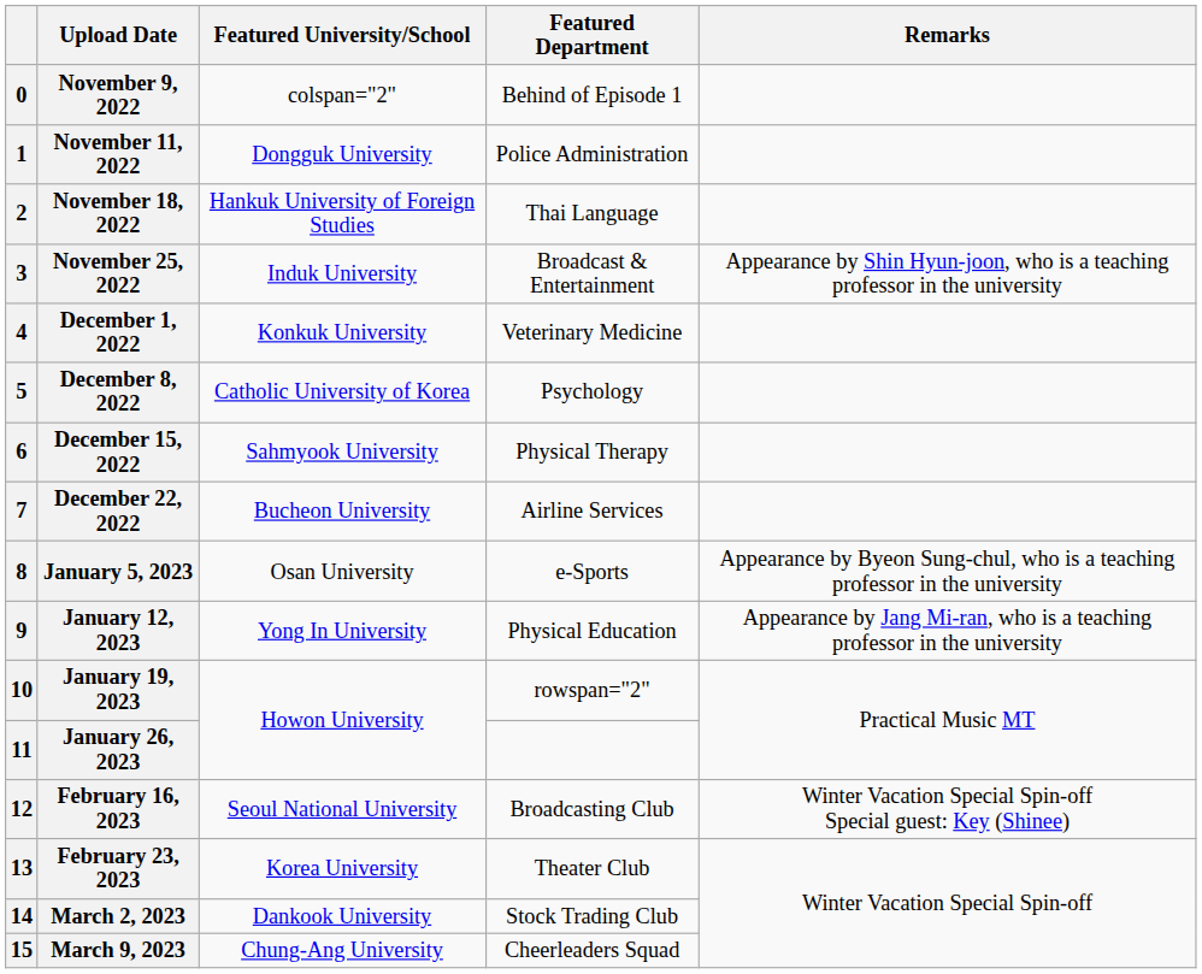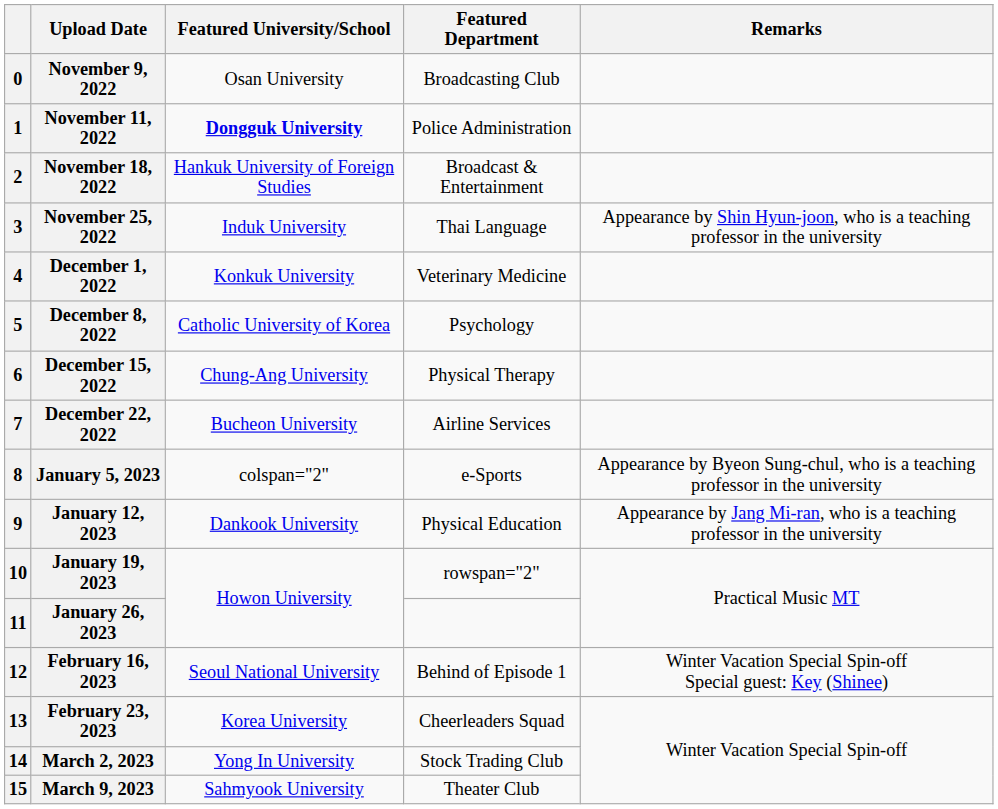 <table class="wikitable plainrowheaders" style="text-align:center">
 <tr>
 <th></th>
 <th>Upload Date</th>
 <th>Featured University/School</th>
 <th>Featured Department</th>
 <th>Remarks</th>
 </tr>
 <tr>
 <th>0</th>
 <th>November 9, 2022</th>
-<td>colspan="2" </td>
-<td>Behind of Episode 1</td>
+<td>Osan University</td>
+<td>Broadcasting Club</td>
 </tr>
 <tr>
 <th>1</th>
 <th>November 11, 2022</th>
-<td><a href='#'>Dongguk University</a></td>
+<td><strong><a href='#'>Dongguk University</a></strong></td>
 <td>Police Administration</td>
 <td></td>
 </tr>
 <tr>
 <th>2</th>
 <th>November 18, 2022</th>
 <td><a href='#'>Hankuk University of Foreign Studies</a></td>
-<td>Thai Language</td>
+<td>Broadcast & Entertainment</td>
 <td></td>
 </tr>
 <tr>
 <th>3</th>
 <th>November 25, 2022</th>
 <td><a href='#'>Induk University</a></td>
-<td>Broadcast & Entertainment</td>
+<td>Thai Language</td>
 <td>Appearance by <a href='#'>Shin Hyun-joon</a>, who is a teaching professor in the university</td>
 </tr>
 <tr>
 <th>4</th>
 <th>December 1, 2022</th>
 <td><a href='#'>Konkuk University</a></td>
 <td>Veterinary Medicine</td>
 <td></td>
 </tr>
 <tr>
 <th>5</th>
 <th>December 8, 2022</th>
 <td><a href='#'>Catholic University of Korea</a></td>
 <td>Psychology</td>
 <td></td>
 </tr>
 <tr>
 <th>6</th>
 <th>December 15, 2022</th>
-<td><a href='#'>Sahmyook University</a></td>
+<td><a href='#'>Chung-Ang University</a></td>
 <td>Physical Therapy</td>
 <td></td>
 </tr>
 <tr>
 <th>7</th>
 <th>December 22, 2022</th>
 <td><a href='#'>Bucheon University</a></td>
 <td>Airline Services</td>
 <td></td>
 </tr>
 <tr>
 <th>8</th>
 <th>January 5, 2023</th>
-<td>Osan University</td>
+<td>colspan="2" </td>
 <td>e-Sports</td>
 <td>Appearance by Byeon Sung-chul, who is a teaching professor in the university</td>
 </tr>
 <tr>
 <th>9</th>
 <th>January 12, 2023</th>
-<td><a href='#'>Yong In University</a></td>
+<td><a href='#'>Dankook University</a></td>
 <td>Physical Education</td>
 <td>Appearance by <a href='#'>Jang Mi-ran</a>, who is a teaching professor in the university</td>
 </tr>
 <tr>
 <th>10</th>
 <th>January 19, 2023</th>
 <td rowspan="2"><a href='#'>Howon University</a></td>
 <td>rowspan="2" </td>
 <td rowspan="2">Practical Music <a href='#'>MT</a></td>
 </tr>
 <tr>
 <th>11</th>
 <th>January 26, 2023</th>
 </tr>
 <tr>
 <th>12</th>
 <th>February 16, 2023</th>
 <td><a href='#'>Seoul National University</a></td>
-<td>Broadcasting Club</td>
+<td>Behind of Episode 1</td>
 <td>Winter Vacation Special Spin-off<br>Special guest: <a href='#'>Key</a> (<a href='#'>Shinee</a>)</td>
 </tr>
 <tr>
 <th>13</th>
 <th>February 23, 2023</th>
 <td><a href='#'>Korea University</a></td>
-<td>Theater Club</td>
+<td>Cheerleaders Squad</td>
 <td rowspan="3">Winter Vacation Special Spin-off</td>
 </tr>
 <tr>
 <th>14</th>
 <th>March 2, 2023</th>
-<td><a href='#'>Dankook University</a></td>
+<td><a href='#'>Yong In University</a></td>
 <td>Stock Trading Club</td>
 </tr>
 <tr>
 <th>15</th>
 <th>March 9, 2023</th>
-<td><a href='#'>Chung-Ang University</a></td>
-<td>Cheerleaders Squad</td>
+<td><a href='#'>Sahmyook University</a></td>
+<td>Theater Club</td>
 </tr>
 </table>
